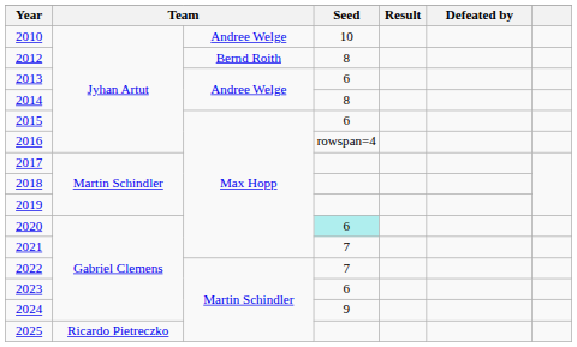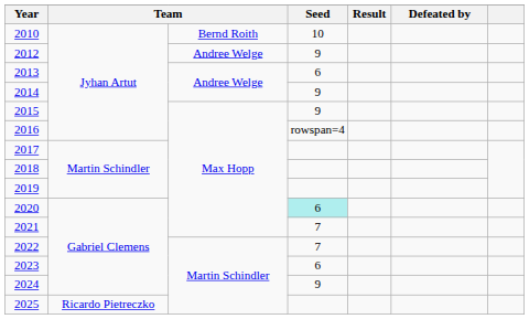 <table class="wikitable" style="text-align: center;">
 <tr style= "background: #e2e2e2;">
 </tr>
 <tr style="background: #efefef;">
 <th width=50px>Year</th>
 <th colspan="2">Team</th>
 <th width=50px>Seed</th>
 <th width=50px>Result</th>
 <th width=120px>Defeated by</th>
 <th width=40px></th>
 </tr>
 <tr>
 <td><a href='#'>2010</a></td>
 <td rowspan=6 width=150px><a href='#'>Jyhan Artut</a></td>
-<td width=150px><a href='#'>Andree Welge</a></td>
+<td><a href='#'>Bernd Roith</a></td>
 <td>10</td>
 <td></td>
 <td> </td>
 <td></td>
 </tr>
 <tr>
 <td><a href='#'>2012</a></td>
-<td><a href='#'>Bernd Roith</a></td>
-<td>8</td>
+<td width=150px><a href='#'>Andree Welge</a></td>
+<td>9</td>
 <td></td>
 <td> </td>
 <td></td>
 </tr>
 <tr>
 <td><a href='#'>2013</a></td>
 <td rowspan=2><a href='#'>Andree Welge</a></td>
 <td>6</td>
 <td></td>
 <td> </td>
 <td></td>
 </tr>
 <tr>
 <td><a href='#'>2014</a></td>
-<td>8</td>
+<td>9</td>
 <td></td>
 <td> </td>
 <td></td>
 </tr>
 <tr>
 <td><a href='#'>2015</a></td>
 <td rowspan=7><a href='#'>Max Hopp</a></td>
-<td>6</td>
+<td>9</td>
 <td></td>
 <td> </td>
 <td></td>
 </tr>
 <tr>
 <td><a href='#'>2016</a></td>
 <td>rowspan=4 </td>
 <td></td>
 <td> </td>
 <td></td>
 </tr>
 <tr>
 <td><a href='#'>2017</a></td>
 <td rowspan=3><a href='#'>Martin Schindler</a></td>
 <td></td>
 <td> </td>
 <td></td>
 </tr>
 <tr>
 <td><a href='#'>2018</a></td>
 <td></td>
 <td> </td>
 <td></td>
 </tr>
 <tr>
 <td><a href='#'>2019</a></td>
 <td></td>
 <td> </td>
 <td></td>
 </tr>
 <tr>
 <td><a href='#'>2020</a></td>
 <td rowspan=5><a href='#'>Gabriel Clemens</a></td>
 <td style="background: paleturquoise;">6</td>
 <td></td>
 <td> </td>
 <td></td>
 </tr>
 <tr>
 <td><a href='#'>2021</a></td>
 <td>7</td>
 <td></td>
 <td> </td>
 <td></td>
 </tr>
 <tr>
 <td><a href='#'>2022</a></td>
 <td rowspan=4><a href='#'>Martin Schindler</a></td>
 <td>7</td>
 <td></td>
 <td> </td>
 <td></td>
 </tr>
 <tr>
 <td><a href='#'>2023</a></td>
 <td>6</td>
 <td></td>
 <td> </td>
 <td></td>
 </tr>
 <tr>
 <td><a href='#'>2024</a></td>
 <td>9</td>
 <td></td>
 <td> </td>
 <td></td>
 </tr>
 <tr>
 <td><a href='#'>2025</a></td>
 <td><a href='#'>Ricardo Pietreczko</a></td>
 <td></td>
 <td></td>
 <td></td>
 <td></td>
 </tr>
 </table>
